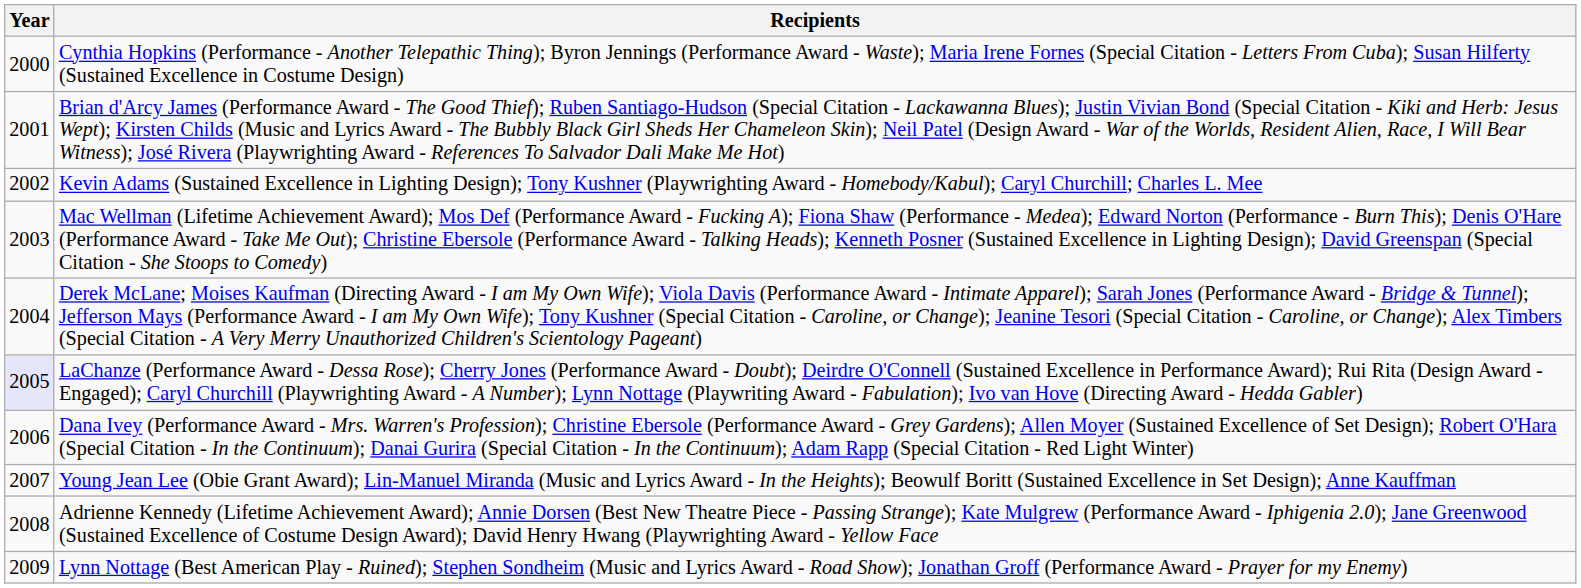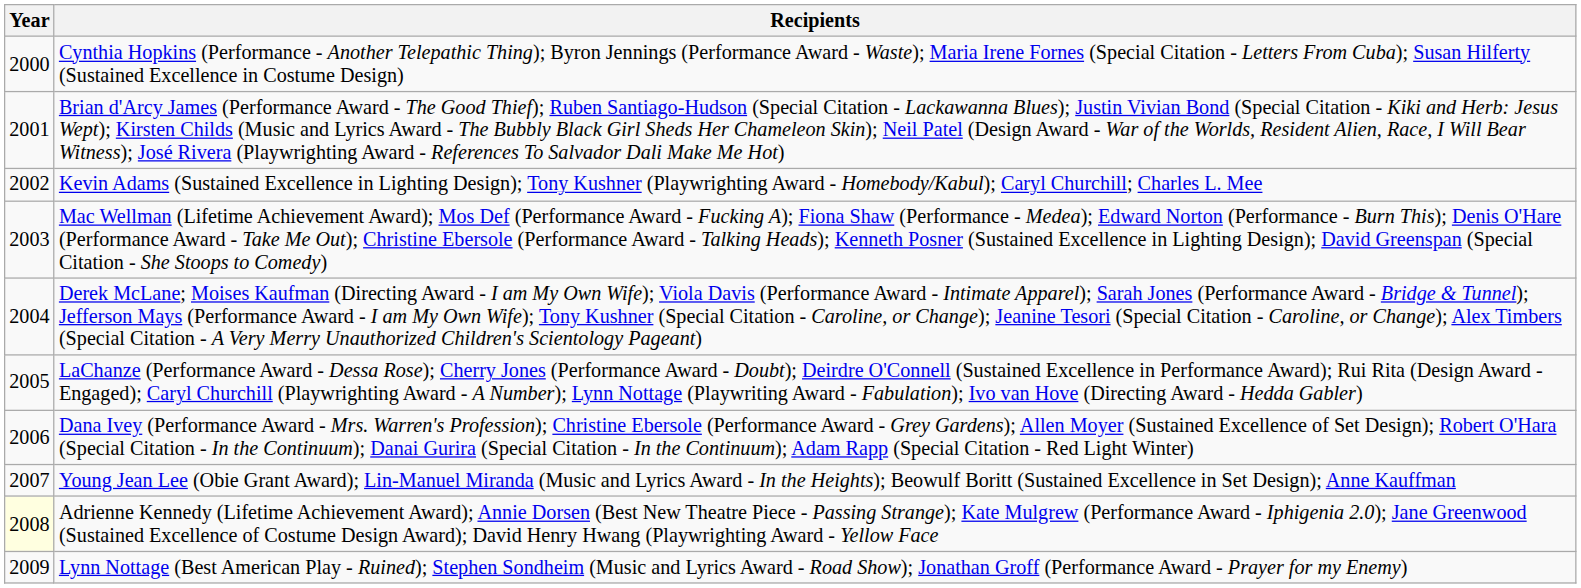 <table class="wikitable">
 <tr>
 <th>Year</th>
 <th>Recipients</th>
 </tr>
 <tr>
 <td>2000</td>
 <td><a href='#'>Cynthia Hopkins</a> (Performance - <em>Another Telepathic Thing</em>); Byron Jennings (Performance Award - <em>Waste</em>); <a href='#'>Maria Irene Fornes</a> (Special Citation - <em>Letters From Cuba</em>); <a href='#'>Susan Hilferty</a> (Sustained Excellence in Costume Design)</td>
 </tr>
 <tr>
 <td>2001</td>
 <td><a href='#'>Brian d'Arcy James</a> (Performance Award - <em>The Good Thief</em>); <a href='#'>Ruben Santiago-Hudson</a> (Special Citation - <em>Lackawanna Blues</em>); <a href='#'>Justin Vivian Bond</a> (Special Citation - <em>Kiki and Herb: Jesus Wept</em>); <a href='#'>Kirsten Childs</a> (Music and Lyrics Award - <em>The Bubbly Black Girl Sheds Her Chameleon Skin</em>); <a href='#'>Neil Patel</a> (Design Award - <em>War of the Worlds, Resident Alien, Race, I Will Bear Witness</em>); <a href='#'>José Rivera</a> (Playwrighting Award - <em>References To Salvador Dali Make Me Hot</em>)</td>
 </tr>
 <tr>
 <td>2002</td>
 <td><a href='#'>Kevin Adams</a> (Sustained Excellence in Lighting Design); <a href='#'>Tony Kushner</a> (Playwrighting Award - <em>Homebody/Kabul</em>); <a href='#'>Caryl Churchill</a>; <a href='#'>Charles L. Mee</a></td>
 </tr>
 <tr>
 <td>2003</td>
 <td><a href='#'>Mac Wellman</a> (Lifetime Achievement Award); <a href='#'>Mos Def</a> (Performance Award - <em>Fucking A</em>); <a href='#'>Fiona Shaw</a> (Performance - <em>Medea</em>); <a href='#'>Edward Norton</a> (Performance - <em>Burn This</em>); <a href='#'>Denis O'Hare</a> (Performance Award - <em>Take Me Out</em>); <a href='#'>Christine Ebersole</a> (Performance Award - <em>Talking Heads</em>); <a href='#'>Kenneth Posner</a> (Sustained Excellence in Lighting Design); <a href='#'>David Greenspan</a> (Special Citation - <em>She Stoops to Comedy</em>)</td>
 </tr>
 <tr>
 <td>2004</td>
 <td><a href='#'>Derek McLane</a>; <a href='#'>Moises Kaufman</a> (Directing Award - <em>I am My Own Wife</em>); <a href='#'>Viola Davis</a> (Performance Award - <em>Intimate Apparel</em>); <a href='#'>Sarah Jones</a> (Performance Award - <em><a href='#'>Bridge & Tunnel</a></em>); <a href='#'>Jefferson Mays</a> (Performance Award - <em>I am My Own Wife</em>); <a href='#'>Tony Kushner</a> (Special Citation - <em>Caroline, or Change</em>); <a href='#'>Jeanine Tesori</a> (Special Citation - <em>Caroline, or Change</em>); <a href='#'>Alex Timbers</a> (Special Citation - <em>A Very Merry Unauthorized Children's Scientology Pageant</em>)</td>
 </tr>
 <tr>
-<td style="background: lavender;">2005</td>
+<td>2005</td>
 <td><a href='#'>LaChanze</a> (Performance Award - <em>Dessa Rose</em>); <a href='#'>Cherry Jones</a> (Performance Award - <em>Doubt</em>); <a href='#'>Deirdre O'Connell</a> (Sustained Excellence in Performance Award); Rui Rita (Design Award - Engaged); <a href='#'>Caryl Churchill</a> (Playwrighting Award - <em>A Number</em>); <a href='#'>Lynn Nottage</a> (Playwriting Award - <em>Fabulation</em>); <a href='#'>Ivo van Hove</a> (Directing Award - <em>Hedda Gabler</em>)</td>
 </tr>
 <tr>
 <td>2006</td>
 <td><a href='#'>Dana Ivey</a> (Performance Award - <em>Mrs. Warren's Profession</em>); <a href='#'>Christine Ebersole</a> (Performance Award - <em>Grey Gardens</em>); <a href='#'>Allen Moyer</a> (Sustained Excellence of Set Design); <a href='#'>Robert O'Hara</a> (Special Citation - <em>In the Continuum</em>); <a href='#'>Danai Gurira</a> (Special Citation - <em>In the Continuum</em>); <a href='#'>Adam Rapp</a> (Special Citation - Red Light Winter)</td>
 </tr>
 <tr>
 <td>2007</td>
 <td><a href='#'>Young Jean Lee</a> (Obie Grant Award); <a href='#'>Lin-Manuel Miranda</a> (Music and Lyrics Award - <em>In the Heights</em>); Beowulf Boritt (Sustained Excellence in Set Design); <a href='#'>Anne Kauffman</a></td>
 </tr>
 <tr>
-<td>2008</td>
+<td style="background: lightyellow;">2008</td>
 <td>Adrienne Kennedy (Lifetime Achievement Award); <a href='#'>Annie Dorsen</a> (Best New Theatre Piece - <em>Passing Strange</em>); <a href='#'>Kate Mulgrew</a> (Performance Award - <em>Iphigenia 2.0</em>); <a href='#'>Jane Greenwood</a> (Sustained Excellence of Costume Design Award); David Henry Hwang (Playwrighting Award - <em>Yellow Face</em></td>
 </tr>
 <tr>
 <td>2009</td>
 <td><a href='#'>Lynn Nottage</a> (Best American Play - <em>Ruined</em>); <a href='#'>Stephen Sondheim</a> (Music and Lyrics Award - <em>Road Show</em>); <a href='#'>Jonathan Groff</a> (Performance Award - <em>Prayer for my Enemy</em>)</td>
 </tr>
 </table>
